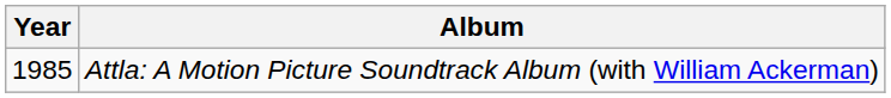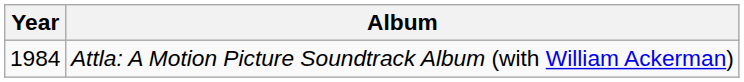 <table class="wikitable">
 <tr>
 <th scope="col">Year</th>
 <th scope="col">Album</th>
 </tr>
 <tr>
-<td>1985</td>
+<td>1984</td>
 <td><em>Attla: A Motion Picture Soundtrack Album</em> (with <a href='#'>William Ackerman</a>)</td>
 </tr>
 </table>
